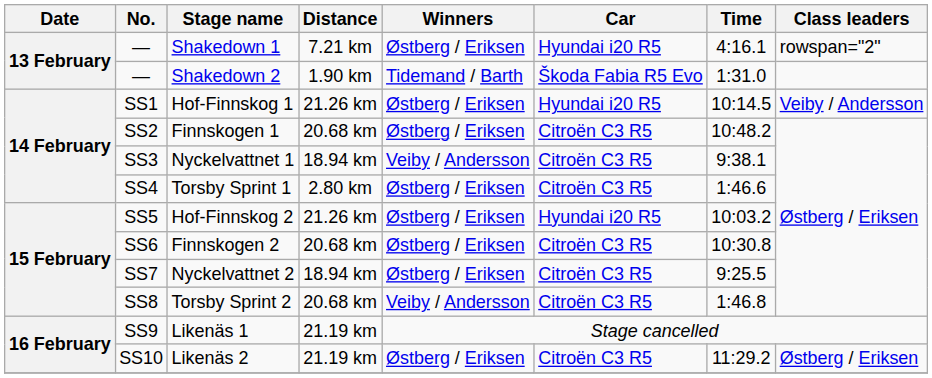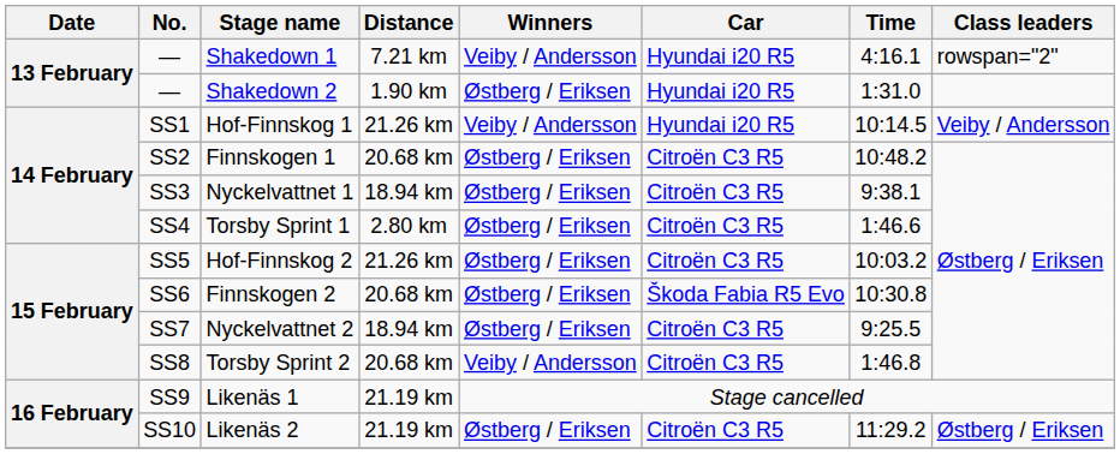 <table class="wikitable" style="font-size: 85%;">
 <tr>
 <th>Date</th>
 <th>No.</th>
 <th>Stage name</th>
 <th>Distance</th>
 <th>Winners</th>
 <th>Car</th>
 <th>Time</th>
 <th nowrap>Class leaders</th>
 </tr>
 <tr>
 <th rowspan="2" nowrap>13 February</th>
 <td align="center">—</td>
 <td><a href='#'>Shakedown 1</a></td>
 <td align="center">7.21 km</td>
-<td><a href='#'>Østberg</a> / <a href='#'>Eriksen</a></td>
+<td><a href='#'>Veiby</a> / <a href='#'>Andersson</a></td>
 <td><a href='#'>Hyundai i20 R5</a></td>
 <td align="center">4:16.1</td>
 <td>rowspan="2" </td>
 </tr>
 <tr>
 <td align="center">—</td>
 <td nowrap><a href='#'>Shakedown 2</a></td>
 <td align="center">1.90 km</td>
-<td><a href='#'>Tidemand</a> / <a href='#'>Barth</a></td>
-<td nowrap><a href='#'>Škoda Fabia R5 Evo</a></td>
+<td><a href='#'>Østberg</a> / <a href='#'>Eriksen</a></td>
+<td><a href='#'>Hyundai i20 R5</a></td>
 <td align="center">1:31.0</td>
 </tr>
 <tr>
 <th rowspan="4" nowrap>14 February</th>
 <td align="center">SS1</td>
 <td>Hof-Finnskog 1</td>
 <td align="center">21.26 km</td>
-<td><a href='#'>Østberg</a> / <a href='#'>Eriksen</a></td>
+<td><a href='#'>Veiby</a> / <a href='#'>Andersson</a></td>
 <td><a href='#'>Hyundai i20 R5</a></td>
 <td align="center">10:14.5</td>
 <td nowrap><a href='#'>Veiby</a> / <a href='#'>Andersson</a></td>
 </tr>
 <tr>
 <td align="center">SS2</td>
 <td>Finnskogen 1</td>
 <td align="center">20.68 km</td>
 <td><a href='#'>Østberg</a> / <a href='#'>Eriksen</a></td>
 <td><a href='#'>Citroën C3 R5</a></td>
 <td align="center">10:48.2</td>
 <td rowspan="7" nowrap><a href='#'>Østberg</a> / <a href='#'>Eriksen</a></td>
 </tr>
 <tr>
 <td align="center">SS3</td>
 <td>Nyckelvattnet 1</td>
 <td align="center">18.94 km</td>
-<td><a href='#'>Veiby</a> / <a href='#'>Andersson</a></td>
+<td><a href='#'>Østberg</a> / <a href='#'>Eriksen</a></td>
 <td><a href='#'>Citroën C3 R5</a></td>
 <td align="center">9:38.1</td>
 </tr>
 <tr>
 <td align="center">SS4</td>
 <td>Torsby Sprint 1</td>
 <td align="center">2.80 km</td>
 <td><a href='#'>Østberg</a> / <a href='#'>Eriksen</a></td>
 <td><a href='#'>Citroën C3 R5</a></td>
 <td align="center">1:46.6</td>
 </tr>
 <tr>
 <th rowspan="4">15 February</th>
 <td align="center">SS5</td>
 <td>Hof-Finnskog 2</td>
 <td align="center">21.26 km</td>
 <td><a href='#'>Østberg</a> / <a href='#'>Eriksen</a></td>
-<td><a href='#'>Hyundai i20 R5</a></td>
+<td><a href='#'>Citroën C3 R5</a></td>
 <td align="center">10:03.2</td>
 </tr>
 <tr>
 <td align="center">SS6</td>
 <td>Finnskogen 2</td>
 <td align="center">20.68 km</td>
 <td><a href='#'>Østberg</a> / <a href='#'>Eriksen</a></td>
-<td><a href='#'>Citroën C3 R5</a></td>
+<td nowrap><a href='#'>Škoda Fabia R5 Evo</a></td>
 <td align="center">10:30.8</td>
 </tr>
 <tr>
 <td align="center">SS7</td>
 <td>Nyckelvattnet 2</td>
 <td align="center">18.94 km</td>
 <td><a href='#'>Østberg</a> / <a href='#'>Eriksen</a></td>
 <td><a href='#'>Citroën C3 R5</a></td>
 <td align="center">9:25.5</td>
 </tr>
 <tr>
 <td align="center">SS8</td>
 <td>Torsby Sprint 2</td>
 <td align="center">20.68 km</td>
 <td nowrap><a href='#'>Veiby</a> / <a href='#'>Andersson</a></td>
 <td><a href='#'>Citroën C3 R5</a></td>
 <td align="center">1:46.8</td>
 </tr>
 <tr>
 <th rowspan="2">16 February</th>
 <td align="center">SS9</td>
 <td>Likenäs 1</td>
 <td align="center">21.19 km</td>
 <td colspan="4" align="center"><em>Stage cancelled</em></td>
 </tr>
 <tr>
 <td align="center">SS10</td>
 <td nowrap>Likenäs 2</td>
 <td align="center">21.19 km</td>
 <td><a href='#'>Østberg</a> / <a href='#'>Eriksen</a></td>
 <td><a href='#'>Citroën C3 R5</a></td>
 <td align="center">11:29.2</td>
 <td><a href='#'>Østberg</a> / <a href='#'>Eriksen</a></td>
 </tr>
 <tr>
 </tr>
 </table>
